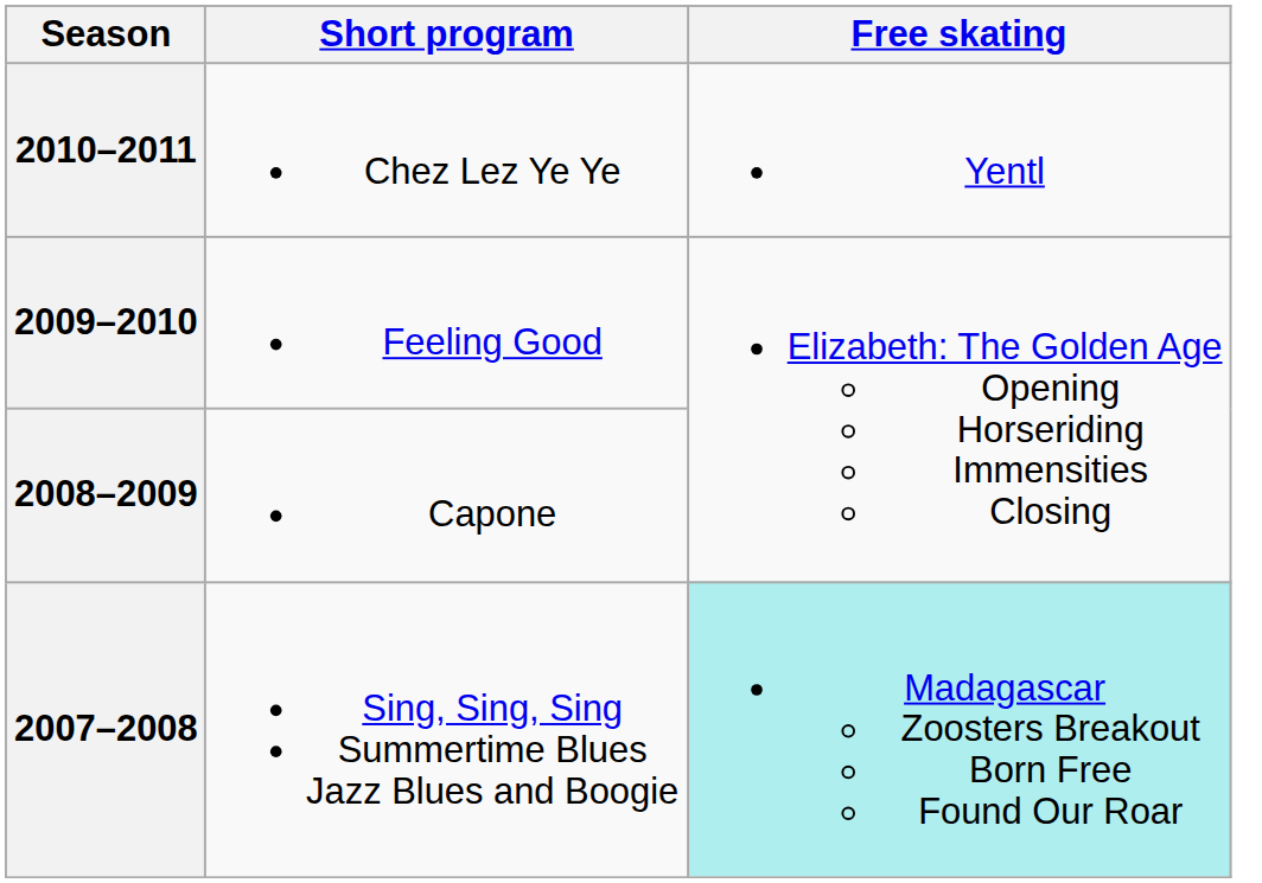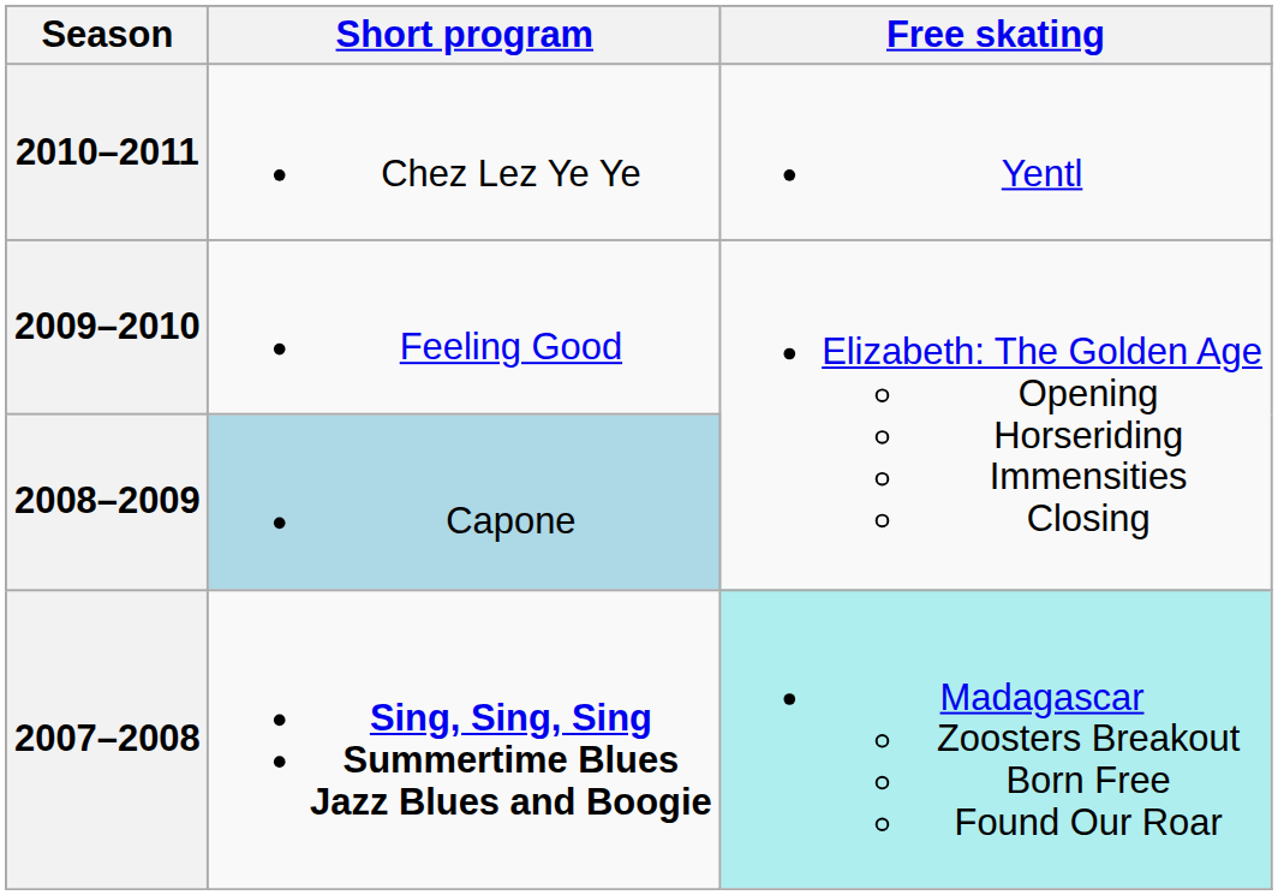 <table class="wikitable" style="text-align:center">
 <tr>
 <th>Season</th>
 <th><a href='#'>Short program</a></th>
 <th><a href='#'>Free skating</a></th>
 </tr>
 <tr>
 <th>2010–2011 <br></th>
 <td><br><ul><li>Chez Lez Ye Ye <br></li></ul></td>
 <td><br><ul><li><a href='#'>Yentl</a> <br></li></ul></td>
 </tr>
 <tr>
 <th>2009–2010 <br></th>
 <td><br><ul><li><a href='#'>Feeling Good</a> <br></li></ul></td>
 <td rowspan=2><br><ul><li><a href='#'>Elizabeth: The Golden Age</a> <br><ul><li>Opening</li><li>Horseriding</li><li>Immensities</li><li>Closing</li></ul></li></ul></td>
 </tr>
 <tr>
 <th>2008–2009 <br></th>
-<td><br><ul><li>Capone <br></li></ul></td>
+<td style="background: lightblue;"><br><ul><li>Capone <br></li></ul></td>
 </tr>
 <tr>
 <th>2007–2008 <br></th>
-<td><br><ul><li><a href='#'>Sing, Sing, Sing</a></li><li>Summertime Blues <br> Jazz Blues and Boogie <br></li></ul></td>
+<td><strong><br><ul><li><a href='#'>Sing, Sing, Sing</a></li><li>Summertime Blues <br> Jazz Blues and Boogie <br></li></ul></strong></td>
 <td style="background: paleturquoise;"><br><ul><li><a href='#'>Madagascar</a> <br><ul><li>Zoosters Breakout</li><li>Born Free</li><li>Found Our Roar <br></li></ul></li></ul></td>
 </tr>
 </table>
